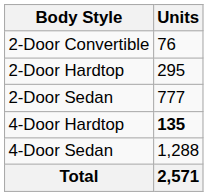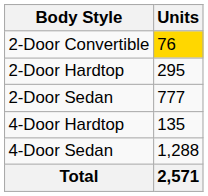 <table class="wikitable">
 <tr>
 <th>Body Style</th>
 <th>Units</th>
 </tr>
 <tr>
 <td>2-Door Convertible</td>
-<td>76</td>
+<td style="background: gold;">76</td>
 </tr>
 <tr>
 <td>2-Door Hardtop</td>
 <td>295</td>
 </tr>
 <tr>
 <td>2-Door Sedan</td>
 <td>777</td>
 </tr>
 <tr>
 <td>4-Door Hardtop</td>
-<td><strong>135</strong></td>
+<td>135</td>
 </tr>
 <tr>
 <td>4-Door Sedan</td>
 <td>1,288</td>
 </tr>
 <tr>
 <th>Total</th>
 <th>2,571</th>
 </tr>
 </table>
